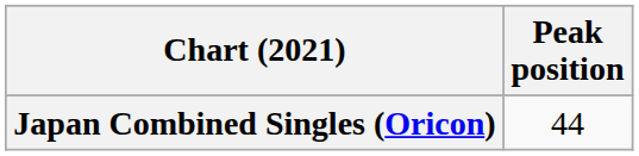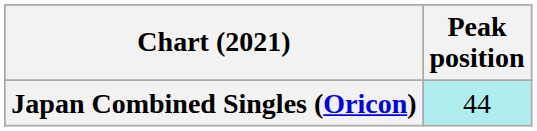 <table class="wikitable sortable plainrowheaders" style="text-align:center">
 <tr>
 <th scope="col">Chart (2021)</th>
 <th scope="col">Peak<br>position</th>
 </tr>
 <tr>
 <th scope="row">Japan Combined Singles (<a href='#'>Oricon</a>)</th>
-<td>44</td>
+<td style="background: paleturquoise;">44</td>
 </tr>
 </table>
